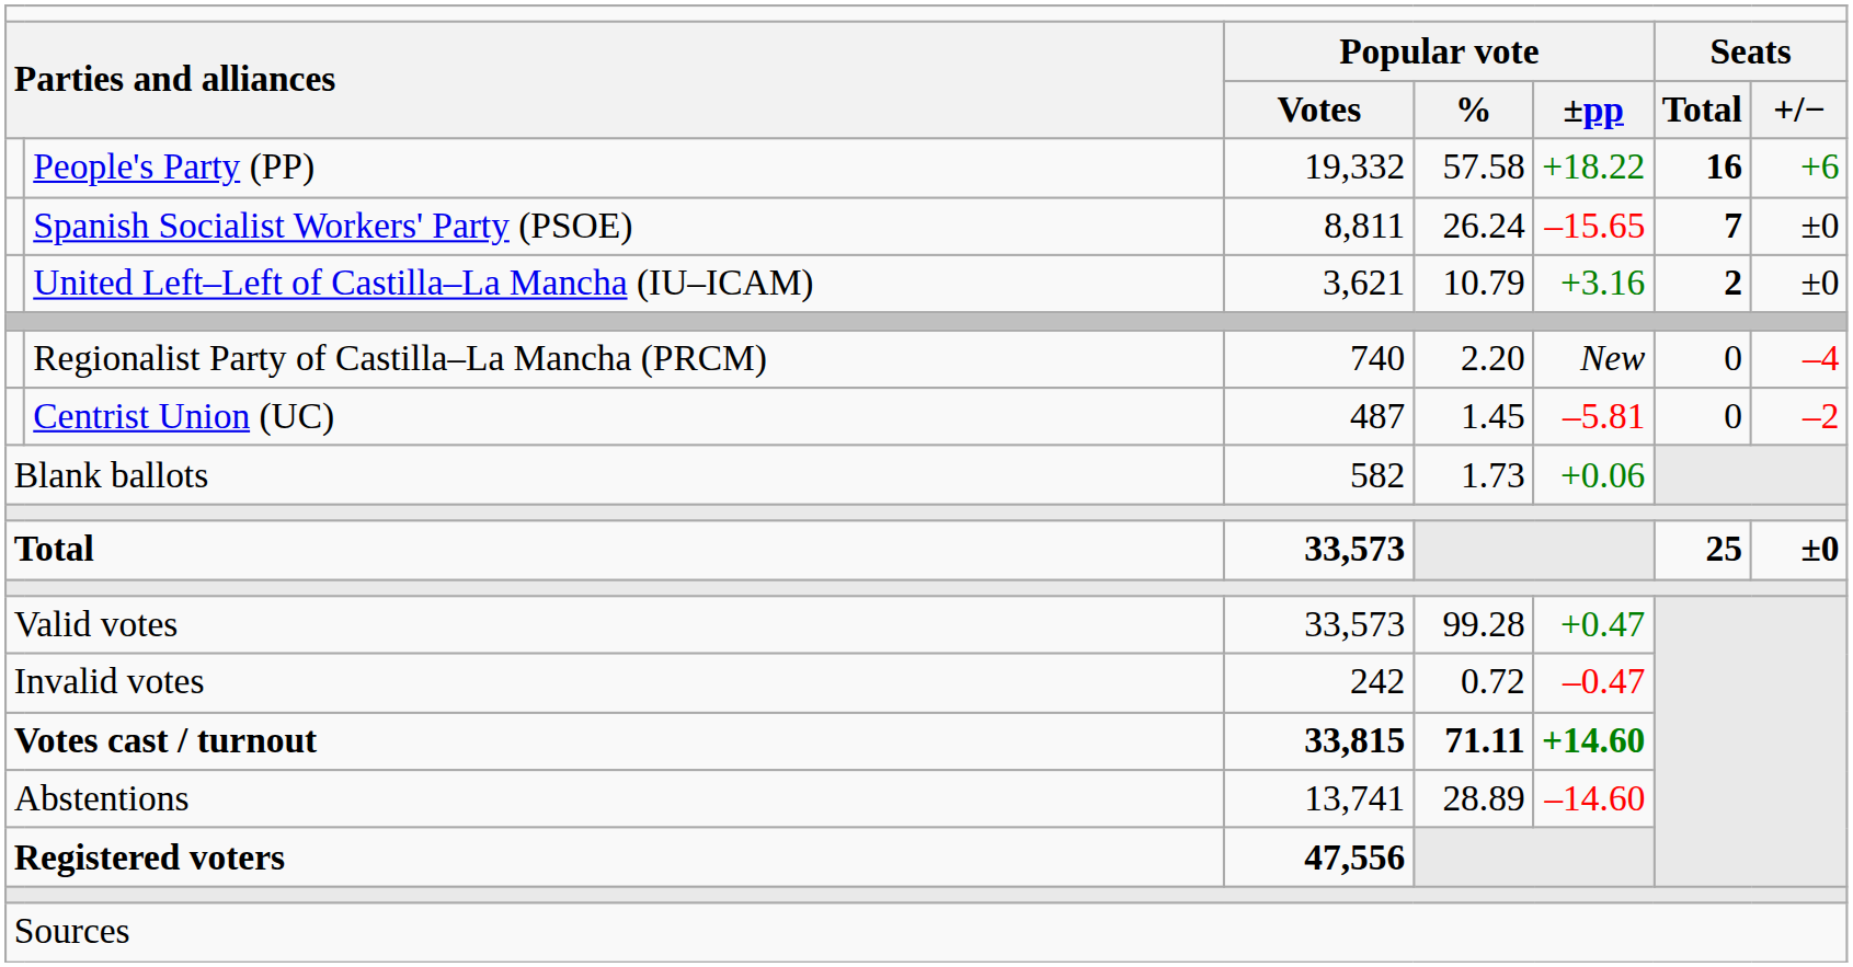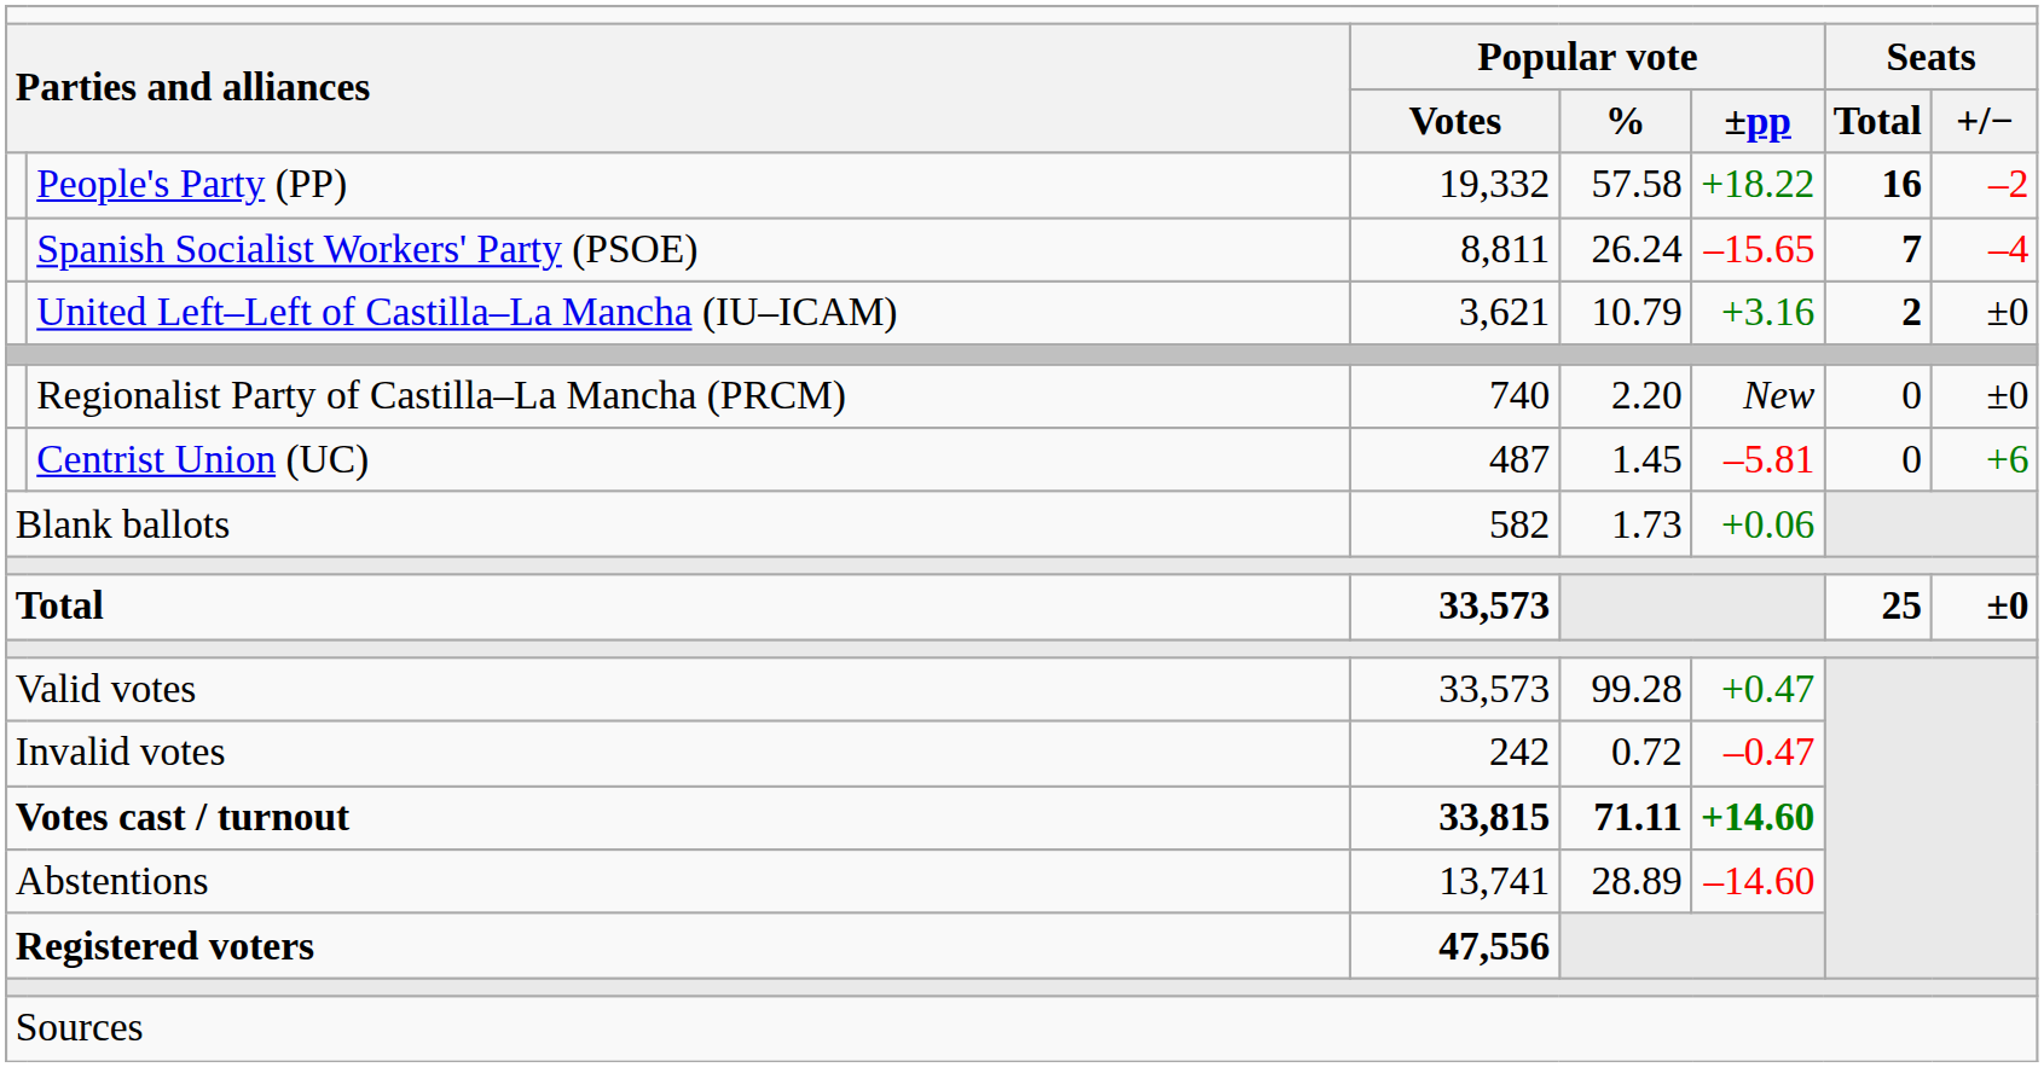 <table class="wikitable" style="text-align:right;">
 <tr>
 <td colspan="7"></td>
 </tr>
 <tr>
 <th style="text-align:left;" rowspan="2" colspan="2" width="525">Parties and alliances</th>
 <th colspan="3">Popular vote</th>
 <th colspan="2">Seats</th>
 </tr>
 <tr>
 <th width="75">Votes</th>
 <th width="45">%</th>
 <th width="45">±<a href='#'>pp</a></th>
 <th width="35">Total</th>
 <th width="35">+/−</th>
 </tr>
 <tr>
 <td width="1" style="color:inherit;background:"></td>
 <td align="left"><a href='#'>People's Party</a> (PP)</td>
 <td>19,332</td>
 <td>57.58</td>
 <td style="color:green;">+18.22</td>
 <td><strong>16</strong></td>
-<td style="color:green;">+6</td>
+<td style="color:red;">–2</td>
 </tr>
 <tr>
 <td style="color:inherit;background:"></td>
 <td align="left"><a href='#'>Spanish Socialist Workers' Party</a> (PSOE)</td>
 <td>8,811</td>
 <td>26.24</td>
 <td style="color:red;">–15.65</td>
 <td><strong>7</strong></td>
-<td>±0</td>
+<td style="color:red;">–4</td>
 </tr>
 <tr>
 <td style="color:inherit;background:"></td>
 <td align="left"><a href='#'>United Left–Left of Castilla–La Mancha</a> (IU–ICAM)</td>
 <td>3,621</td>
 <td>10.79</td>
 <td style="color:green;">+3.16</td>
 <td><strong>2</strong></td>
 <td>±0</td>
 </tr>
 <tr>
 <td colspan="7" bgcolor="#C0C0C0"></td>
 </tr>
 <tr>
 <td style="color:inherit;background:"></td>
 <td align="left">Regionalist Party of Castilla–La Mancha (PRCM)</td>
 <td>740</td>
 <td>2.20</td>
 <td><em>New</em></td>
 <td>0</td>
-<td style="color:red;">–4</td>
+<td>±0</td>
 </tr>
 <tr>
 <td style="color:inherit;background:"></td>
 <td align="left"><a href='#'>Centrist Union</a> (UC)</td>
 <td>487</td>
 <td>1.45</td>
 <td style="color:red;">–5.81</td>
 <td>0</td>
-<td style="color:red;">–2</td>
+<td style="color:green;">+6</td>
 </tr>
 <tr>
 <td align="left" colspan="2">Blank ballots</td>
 <td>582</td>
 <td>1.73</td>
 <td style="color:green;">+0.06</td>
 <td bgcolor="#E9E9E9" colspan="2"></td>
 </tr>
 <tr>
 <td colspan="7" bgcolor="#E9E9E9"></td>
 </tr>
 <tr style="font-weight:bold;">
 <td align="left" colspan="2">Total</td>
 <td>33,573</td>
 <td bgcolor="#E9E9E9" colspan="2"></td>
 <td>25</td>
 <td>±0</td>
 </tr>
 <tr>
 <td colspan="7" bgcolor="#E9E9E9"></td>
 </tr>
 <tr>
 <td align="left" colspan="2">Valid votes</td>
 <td>33,573</td>
 <td>99.28</td>
 <td style="color:green;">+0.47</td>
 <td bgcolor="#E9E9E9" colspan="2" rowspan="5"></td>
 </tr>
 <tr>
 <td align="left" colspan="2">Invalid votes</td>
 <td>242</td>
 <td>0.72</td>
 <td style="color:red;">–0.47</td>
 </tr>
 <tr style="font-weight:bold;">
 <td align="left" colspan="2">Votes cast / turnout</td>
 <td>33,815</td>
 <td>71.11</td>
 <td style="color:green;">+14.60</td>
 </tr>
 <tr>
 <td align="left" colspan="2">Abstentions</td>
 <td>13,741</td>
 <td>28.89</td>
 <td style="color:red;">–14.60</td>
 </tr>
 <tr style="font-weight:bold;">
 <td align="left" colspan="2">Registered voters</td>
 <td>47,556</td>
 <td bgcolor="#E9E9E9" colspan="2"></td>
 </tr>
 <tr>
 <td colspan="7" bgcolor="#E9E9E9"></td>
 </tr>
 <tr>
 <td align="left" colspan="7">Sources</td>
 </tr>
 </table>
